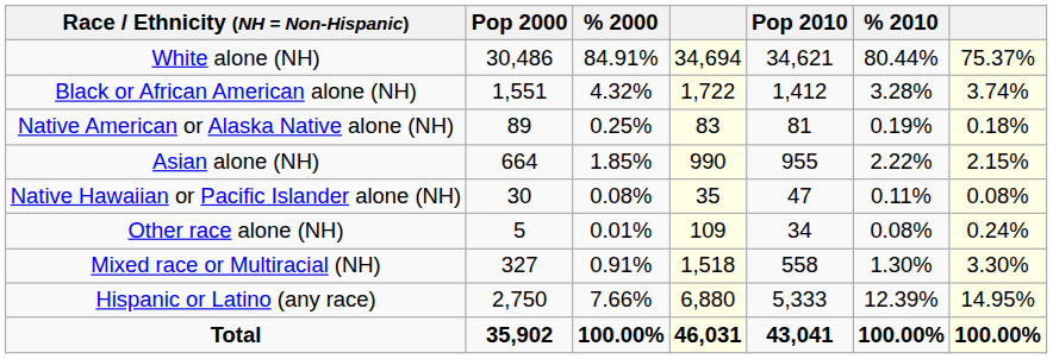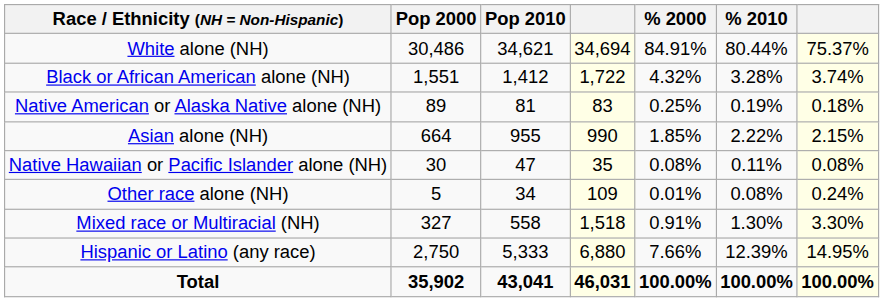 <table class="wikitable" style="text-align:center;">
 <tr>
 <th>Race / Ethnicity <small>(<em>NH = Non-Hispanic</em>)</small></th>
 <th>Pop 2000</th>
+<th>Pop 2010</th>
+<th></th>
 <th>% 2000</th>
-<th></th>
-<th>Pop 2010</th>
 <th>% 2010</th>
 <th></th>
 </tr>
 <tr>
 <td><a href='#'>White</a> alone (NH)</td>
 <td>30,486</td>
+<td>34,621</td>
+<td style='background: #ffffe6;'>34,694</td>
 <td>84.91%</td>
-<td style='background: #ffffe6;'>34,694</td>
-<td>34,621</td>
 <td>80.44%</td>
 <td style='background: #ffffe6;'>75.37%</td>
 </tr>
 <tr>
 <td><a href='#'>Black or African American</a> alone (NH)</td>
 <td>1,551</td>
+<td>1,412</td>
+<td style='background: #ffffe6;'>1,722</td>
 <td>4.32%</td>
-<td style='background: #ffffe6;'>1,722</td>
-<td>1,412</td>
 <td>3.28%</td>
 <td style='background: #ffffe6;'>3.74%</td>
 </tr>
 <tr>
 <td><a href='#'>Native American</a> or <a href='#'>Alaska Native</a> alone (NH)</td>
 <td>89</td>
+<td>81</td>
+<td style='background: #ffffe6;'>83</td>
 <td>0.25%</td>
-<td style='background: #ffffe6;'>83</td>
-<td>81</td>
 <td>0.19%</td>
 <td style='background: #ffffe6;'>0.18%</td>
 </tr>
 <tr>
 <td><a href='#'>Asian</a> alone (NH)</td>
 <td>664</td>
+<td>955</td>
+<td style='background: #ffffe6;'>990</td>
 <td>1.85%</td>
-<td style='background: #ffffe6;'>990</td>
-<td>955</td>
 <td>2.22%</td>
 <td style='background: #ffffe6;'>2.15%</td>
 </tr>
 <tr>
 <td><a href='#'>Native Hawaiian</a> or <a href='#'>Pacific Islander</a> alone (NH)</td>
 <td>30</td>
+<td>47</td>
+<td style='background: #ffffe6;'>35</td>
 <td>0.08%</td>
-<td style='background: #ffffe6;'>35</td>
-<td>47</td>
 <td>0.11%</td>
 <td style='background: #ffffe6;'>0.08%</td>
 </tr>
 <tr>
 <td><a href='#'>Other race</a> alone (NH)</td>
 <td>5</td>
+<td>34</td>
+<td style='background: #ffffe6;'>109</td>
 <td>0.01%</td>
-<td style='background: #ffffe6;'>109</td>
-<td>34</td>
 <td>0.08%</td>
 <td style='background: #ffffe6;'>0.24%</td>
 </tr>
 <tr>
 <td><a href='#'>Mixed race or Multiracial</a> (NH)</td>
 <td>327</td>
+<td>558</td>
+<td style='background: #ffffe6;'>1,518</td>
 <td>0.91%</td>
-<td style='background: #ffffe6;'>1,518</td>
-<td>558</td>
 <td>1.30%</td>
 <td style='background: #ffffe6;'>3.30%</td>
 </tr>
 <tr>
 <td><a href='#'>Hispanic or Latino</a> (any race)</td>
 <td>2,750</td>
+<td>5,333</td>
+<td style='background: #ffffe6;'>6,880</td>
 <td>7.66%</td>
-<td style='background: #ffffe6;'>6,880</td>
-<td>5,333</td>
 <td>12.39%</td>
 <td style='background: #ffffe6;'>14.95%</td>
 </tr>
 <tr>
 <td><strong>Total</strong></td>
 <td><strong>35,902</strong></td>
+<td><strong>43,041</strong></td>
+<td style='background: #ffffe6;'><strong>46,031</strong></td>
 <td><strong>100.00%</strong></td>
-<td style='background: #ffffe6;'><strong>46,031</strong></td>
-<td><strong>43,041</strong></td>
 <td><strong>100.00%</strong></td>
 <td style='background: #ffffe6;'><strong>100.00%</strong></td>
 </tr>
 </table>
